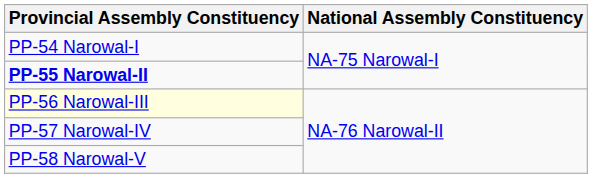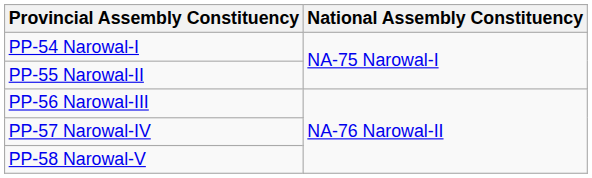 <table class="wikitable sortable static-row-numbers static-row-header-hash">
 <tr>
 <th>Provincial Assembly Constituency</th>
 <th>National Assembly Constituency</th>
 </tr>
 <tr>
 <td><a href='#'>PP-54 Narowal-I</a></td>
 <td rowspan="2"><a href='#'>NA-75 Narowal-I</a></td>
 </tr>
 <tr>
-<td><strong><a href='#'>PP-55 Narowal-II</a></strong></td>
+<td><a href='#'>PP-55 Narowal-II</a></td>
 </tr>
 <tr>
-<td style="background: lightyellow;"><a href='#'>PP-56 Narowal-III</a></td>
+<td><a href='#'>PP-56 Narowal-III</a></td>
 <td rowspan="3"><a href='#'>NA-76 Narowal-II</a></td>
 </tr>
 <tr>
 <td><a href='#'>PP-57 Narowal-IV</a></td>
 </tr>
 <tr>
 <td><a href='#'>PP-58 Narowal-V</a></td>
 </tr>
 </table>
